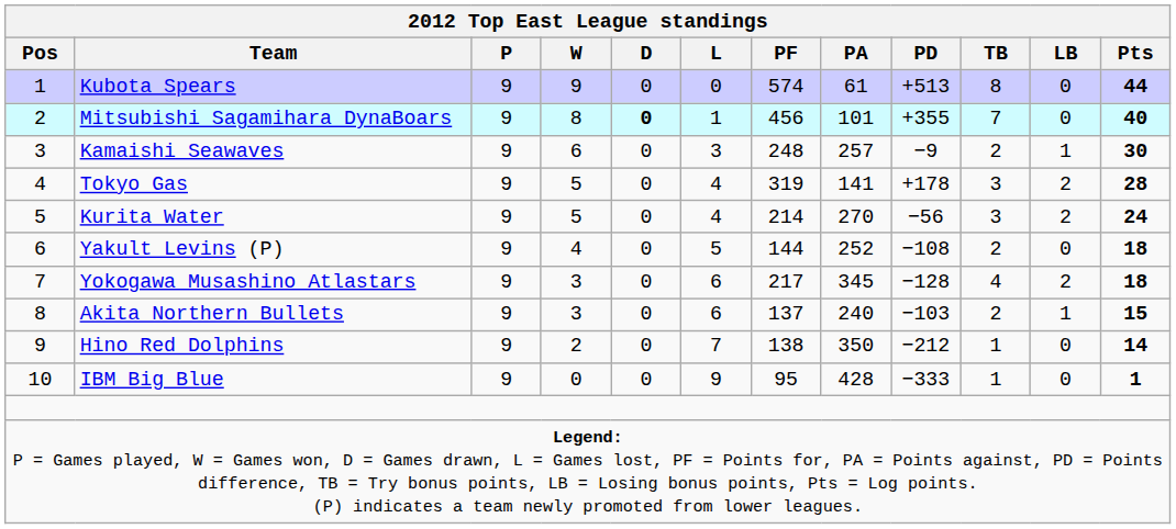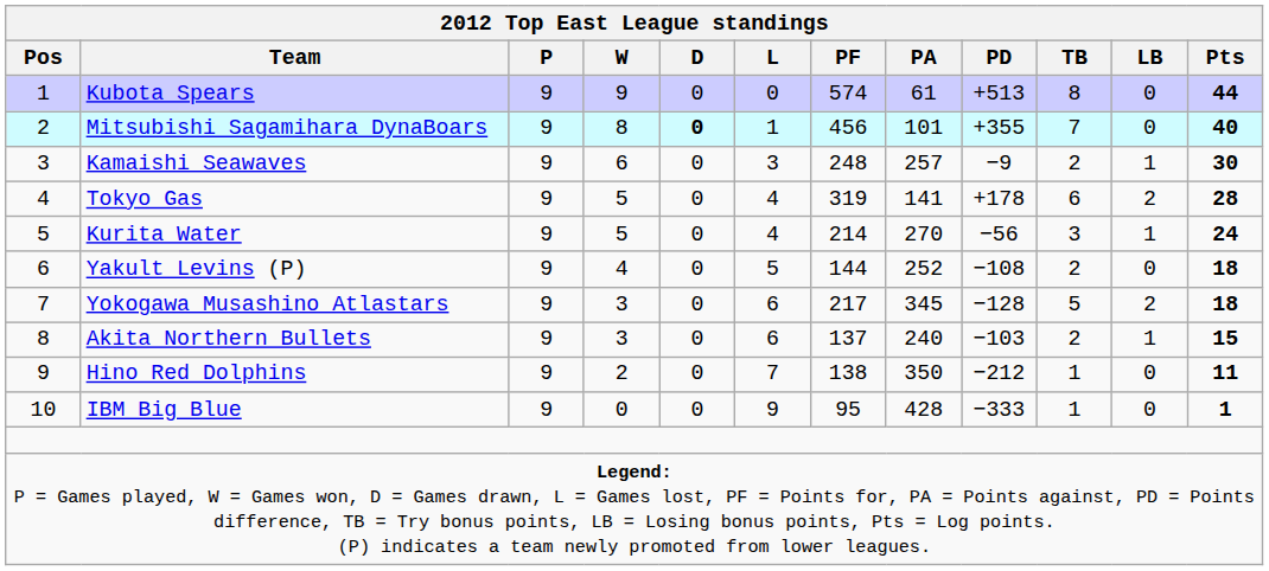 <table class="wikitable" style="text-align:center; font-size:100%; width:60%;">
 <tr>
 <th colspan="100%" cellpadding="0" cellspacing="0"><strong>2012 Top East League standings</strong></th>
 </tr>
 <tr>
 <th style="width:6%;">Pos</th>
 <th style="width:34%;">Team</th>
 <th style="width:6%;">P</th>
 <th style="width:6%;">W</th>
 <th style="width:6%;">D</th>
 <th style="width:6%;">L</th>
 <th style="width:6%;">PF</th>
 <th style="width:6%;">PA</th>
 <th style="width:6%;">PD</th>
 <th style="width:6%;">TB</th>
 <th style="width:6%;">LB</th>
 <th style="width:6%;">Pts<br></th>
 </tr>
 <tr style="background:#CCCCFF;">
 <td>1</td>
 <td style="text-align:left;"><a href='#'>Kubota Spears</a></td>
 <td>9</td>
 <td>9</td>
 <td>0</td>
 <td>0</td>
 <td>574</td>
 <td>61</td>
 <td>+513</td>
 <td>8</td>
 <td>0</td>
 <td><strong>44</strong></td>
 </tr>
 <tr style="background:#CFFCFF;">
 <td>2</td>
 <td style="text-align:left;"><a href='#'>Mitsubishi Sagamihara DynaBoars</a></td>
 <td>9</td>
 <td>8</td>
 <td><strong>0</strong></td>
 <td>1</td>
 <td>456</td>
 <td>101</td>
 <td>+355</td>
 <td>7</td>
 <td>0</td>
 <td><strong>40</strong></td>
 </tr>
 <tr>
 <td>3</td>
 <td style="text-align:left;"><a href='#'>Kamaishi Seawaves</a></td>
 <td>9</td>
 <td>6</td>
 <td>0</td>
 <td>3</td>
 <td>248</td>
 <td>257</td>
 <td>−9</td>
 <td>2</td>
 <td>1</td>
 <td><strong>30</strong></td>
 </tr>
 <tr>
 <td>4</td>
 <td style="text-align:left;"><a href='#'>Tokyo Gas</a></td>
 <td>9</td>
 <td>5</td>
 <td>0</td>
 <td>4</td>
 <td>319</td>
 <td>141</td>
 <td>+178</td>
-<td>3</td>
+<td>6</td>
 <td>2</td>
 <td><strong>28</strong></td>
 </tr>
 <tr>
 <td>5</td>
 <td style="text-align:left;"><a href='#'>Kurita Water</a></td>
 <td>9</td>
 <td>5</td>
 <td>0</td>
 <td>4</td>
 <td>214</td>
 <td>270</td>
 <td>−56</td>
 <td>3</td>
-<td>2</td>
+<td>1</td>
 <td><strong>24</strong></td>
 </tr>
 <tr>
 <td>6</td>
 <td style="text-align:left;"><a href='#'>Yakult Levins</a> (P)</td>
 <td>9</td>
 <td>4</td>
 <td>0</td>
 <td>5</td>
 <td>144</td>
 <td>252</td>
 <td>−108</td>
 <td>2</td>
 <td>0</td>
 <td><strong>18</strong></td>
 </tr>
 <tr>
 <td>7</td>
 <td style="text-align:left;"><a href='#'>Yokogawa Musashino Atlastars</a></td>
 <td>9</td>
 <td>3</td>
 <td>0</td>
 <td>6</td>
 <td>217</td>
 <td>345</td>
 <td>−128</td>
-<td>4</td>
+<td>5</td>
 <td>2</td>
 <td><strong>18</strong></td>
 </tr>
 <tr>
 <td>8</td>
 <td style="text-align:left;"><a href='#'>Akita Northern Bullets</a></td>
 <td>9</td>
 <td>3</td>
 <td>0</td>
 <td>6</td>
 <td>137</td>
 <td>240</td>
 <td>−103</td>
 <td>2</td>
 <td>1</td>
 <td><strong>15</strong></td>
 </tr>
 <tr>
 <td>9</td>
 <td style="text-align:left;"><a href='#'>Hino Red Dolphins</a></td>
 <td>9</td>
 <td>2</td>
 <td>0</td>
 <td>7</td>
 <td>138</td>
 <td>350</td>
 <td>−212</td>
 <td>1</td>
 <td>0</td>
-<td><strong>14</strong></td>
+<td><strong>11</strong></td>
 </tr>
 <tr>
 <td>10</td>
 <td style="text-align:left;"><a href='#'>IBM Big Blue</a></td>
 <td>9</td>
 <td>0</td>
 <td>0</td>
 <td>9</td>
 <td>95</td>
 <td>428</td>
 <td>−333</td>
 <td>1</td>
 <td>0</td>
 <td><strong>1</strong></td>
 </tr>
 <tr>
 <td colspan="100%" style="height:10px;"></td>
 </tr>
 <tr>
 <td colspan="100%"><small><strong>Legend:</strong> <br> P = Games played, W = Games won, D = Games drawn, L = Games lost, PF = Points for, PA = Points against, PD = Points difference, TB = Try bonus points, LB = Losing bonus points, Pts = Log points. <br> (P) indicates a team newly promoted from lower leagues.</small></td>
 </tr>
 </table>
